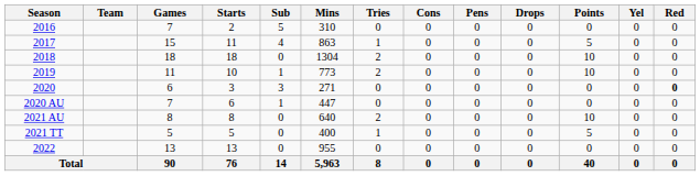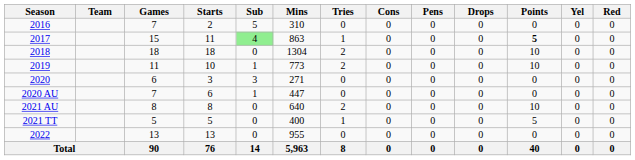 <table class="wikitable" style="text-align:center; line-height:90%; font-size:95%; width:60%;">
 <tr>
 <th>Season</th>
 <th>Team</th>
 <th>Games</th>
 <th>Starts</th>
 <th>Sub</th>
 <th>Mins</th>
 <th>Tries</th>
 <th>Cons</th>
 <th>Pens</th>
 <th>Drops</th>
 <th>Points</th>
 <th>Yel</th>
 <th>Red</th>
 </tr>
 <tr>
 <td><a href='#'>2016</a></td>
 <td></td>
 <td>7</td>
 <td>2</td>
 <td>5</td>
 <td>310</td>
 <td>0</td>
 <td>0</td>
 <td>0</td>
 <td>0</td>
 <td>0</td>
 <td>0</td>
 <td>0</td>
 </tr>
 <tr>
 <td><a href='#'>2017</a></td>
 <td></td>
 <td>15</td>
 <td>11</td>
-<td>4</td>
+<td style="background: lightgreen;">4</td>
 <td>863</td>
 <td>1</td>
 <td>0</td>
 <td>0</td>
 <td>0</td>
-<td>5</td>
+<td><strong>5</strong></td>
 <td>0</td>
 <td>0</td>
 </tr>
 <tr>
 <td><a href='#'>2018</a></td>
 <td></td>
 <td>18</td>
 <td>18</td>
 <td>0</td>
 <td>1304</td>
 <td>2</td>
 <td>0</td>
 <td>0</td>
 <td>0</td>
 <td>10</td>
 <td>0</td>
 <td>0</td>
 </tr>
 <tr>
 <td><a href='#'>2019</a></td>
 <td></td>
 <td>11</td>
 <td>10</td>
 <td>1</td>
 <td>773</td>
 <td>2</td>
 <td>0</td>
 <td>0</td>
 <td>0</td>
 <td>10</td>
 <td>0</td>
 <td>0</td>
 </tr>
 <tr>
 <td><a href='#'>2020</a></td>
 <td></td>
 <td>6</td>
 <td>3</td>
 <td>3</td>
 <td>271</td>
 <td>0</td>
 <td>0</td>
 <td>0</td>
 <td>0</td>
 <td>0</td>
 <td>0</td>
-<td><strong>0</strong></td>
+<td>0</td>
 </tr>
 <tr>
 <td><a href='#'>2020 AU</a></td>
 <td></td>
 <td>7</td>
 <td>6</td>
 <td>1</td>
 <td>447</td>
 <td>0</td>
 <td>0</td>
 <td>0</td>
 <td>0</td>
 <td>0</td>
 <td>0</td>
 <td>0</td>
 </tr>
 <tr>
 <td><a href='#'>2021 AU</a></td>
 <td></td>
 <td>8</td>
 <td>8</td>
 <td>0</td>
 <td>640</td>
 <td>2</td>
 <td>0</td>
 <td>0</td>
 <td>0</td>
 <td>10</td>
 <td>0</td>
 <td>0</td>
 </tr>
 <tr>
 <td><a href='#'>2021 TT</a></td>
 <td></td>
 <td>5</td>
 <td>5</td>
 <td>0</td>
 <td>400</td>
 <td>1</td>
 <td>0</td>
 <td>0</td>
 <td>0</td>
 <td>5</td>
 <td>0</td>
 <td>0</td>
 </tr>
 <tr>
 <td><a href='#'>2022</a></td>
 <td></td>
 <td>13</td>
 <td>13</td>
 <td>0</td>
 <td>955</td>
 <td>0</td>
 <td>0</td>
 <td>0</td>
 <td>0</td>
 <td>0</td>
 <td>0</td>
 <td>0</td>
 </tr>
 <tr>
 <th colspan="2">Total</th>
 <th>90</th>
 <th>76</th>
 <th>14</th>
 <th>5,963</th>
 <th>8</th>
 <th>0</th>
 <th>0</th>
 <th>0</th>
 <th>40</th>
 <th>0</th>
 <th>0</th>
 </tr>
 </table>
